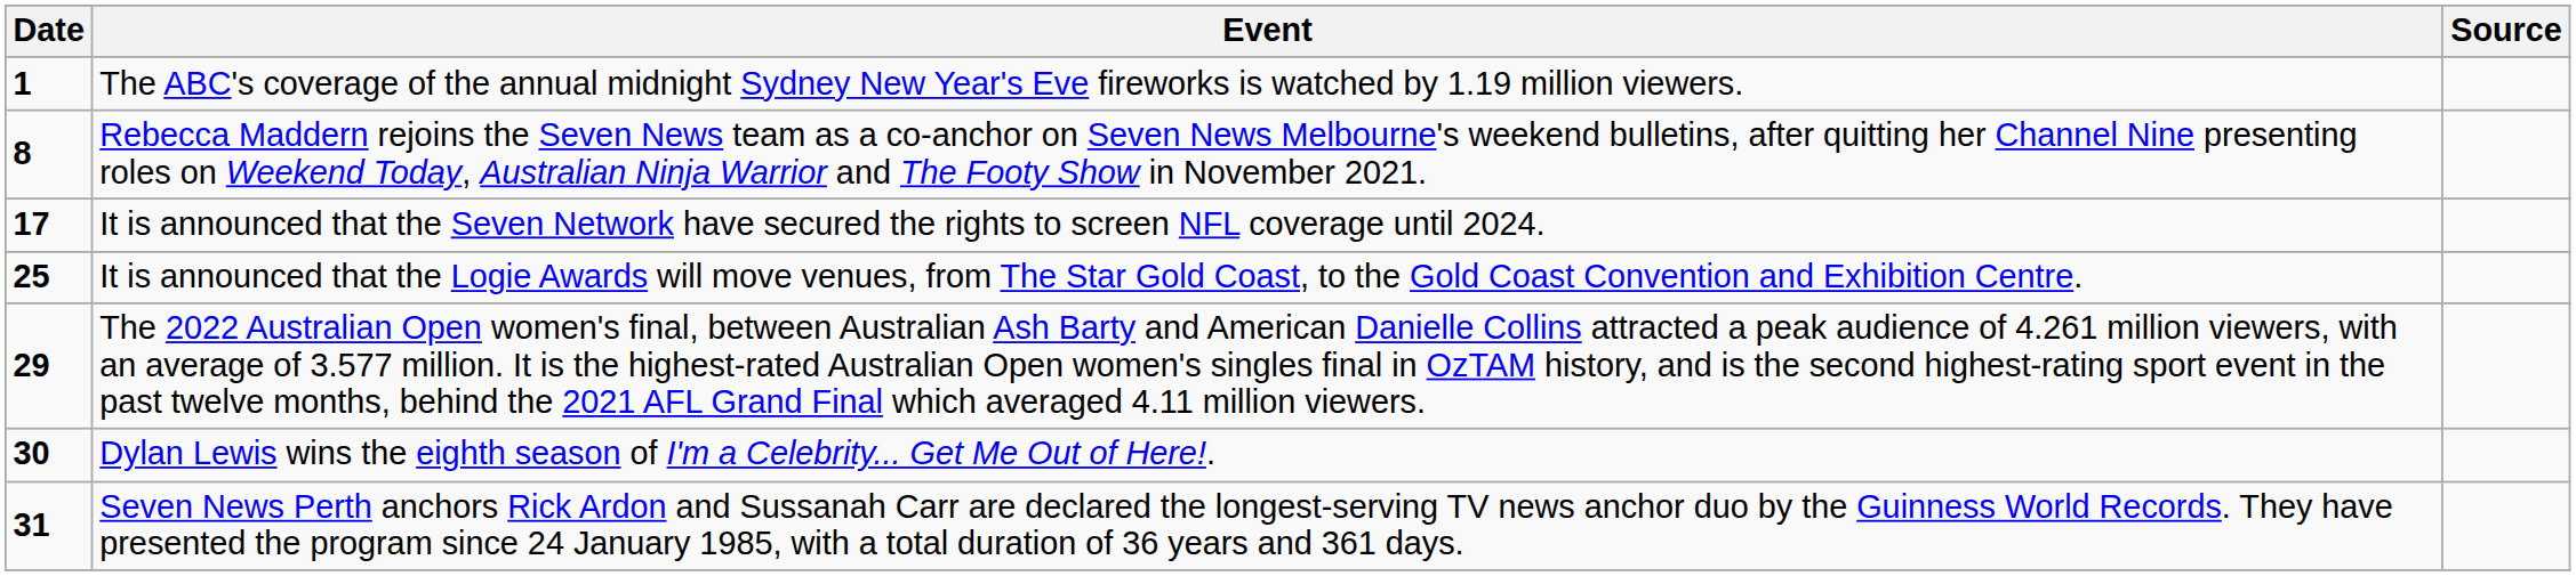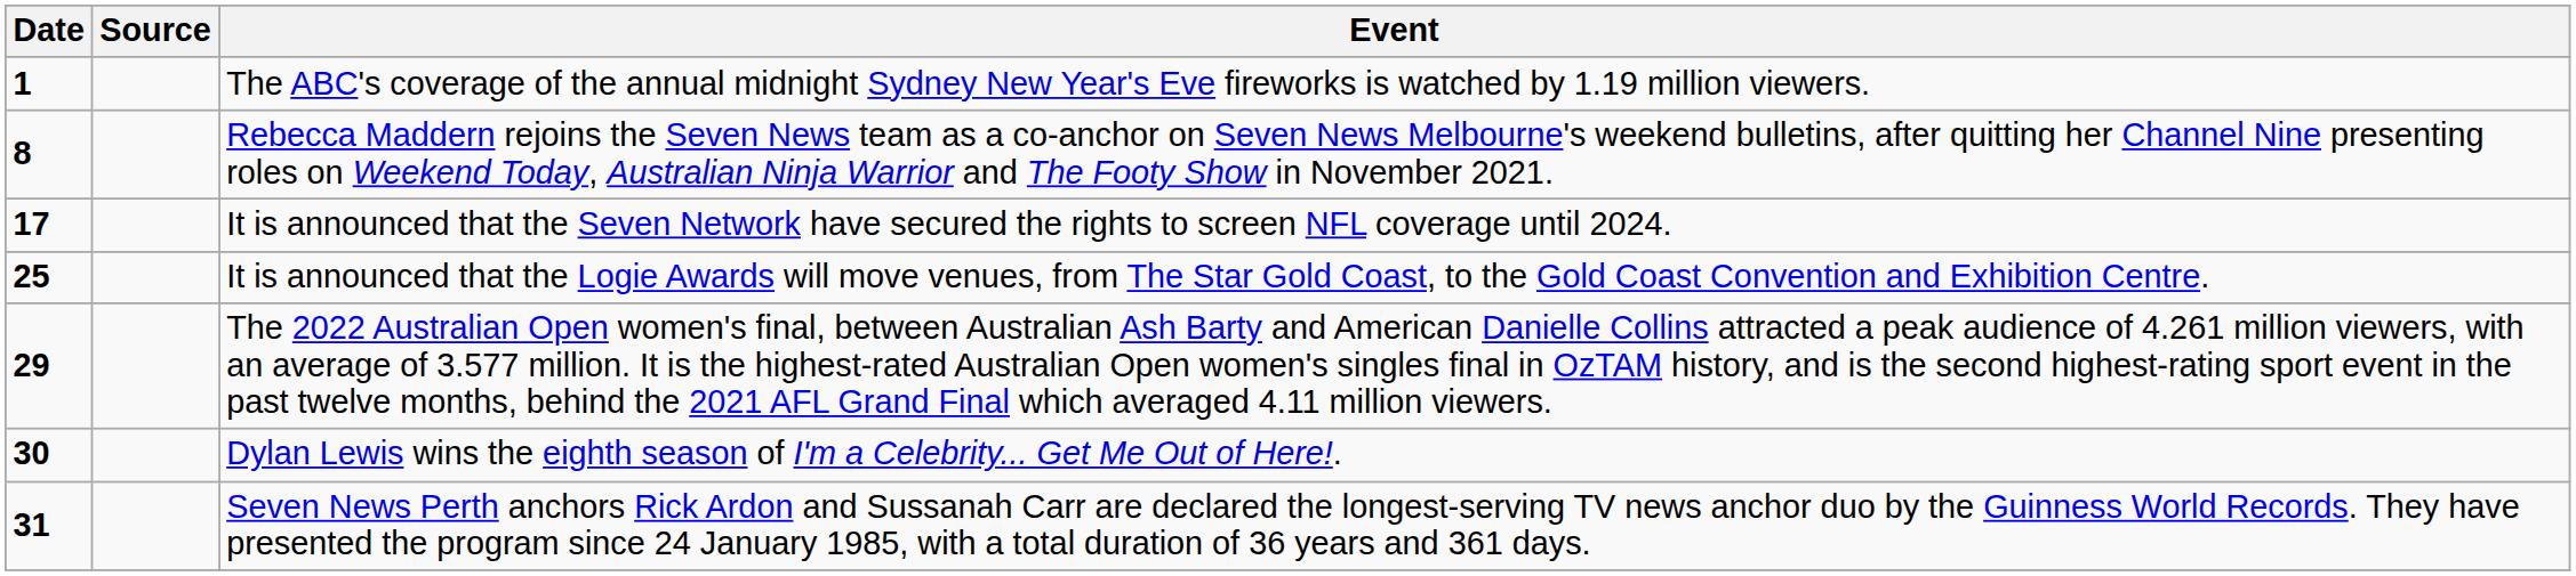 <table class="wikitable">
 <tr>
 <th>Date</th>
+<th>Source</th>
 <th>Event</th>
-<th>Source</th>
 </tr>
 <tr>
 <td><strong>1</strong></td>
+<td></td>
 <td>The <a href='#'>ABC</a>'s coverage of the annual midnight <a href='#'>Sydney New Year's Eve</a> fireworks is watched by 1.19 million viewers.</td>
-<td></td>
 </tr>
 <tr>
 <td><strong>8</strong></td>
+<td></td>
 <td><a href='#'>Rebecca Maddern</a> rejoins the <a href='#'>Seven News</a> team as a co-anchor on <a href='#'>Seven News Melbourne</a>'s weekend bulletins, after quitting her <a href='#'>Channel Nine</a> presenting roles on <em><a href='#'>Weekend Today</a></em>, <em><a href='#'>Australian Ninja Warrior</a></em> and <em><a href='#'>The Footy Show</a></em> in November 2021.</td>
-<td></td>
 </tr>
 <tr>
 <td><strong>17</strong></td>
+<td></td>
 <td>It is announced that the <a href='#'>Seven Network</a> have secured the rights to screen <a href='#'>NFL</a> coverage until 2024.</td>
-<td></td>
 </tr>
 <tr>
 <td><strong>25</strong></td>
+<td></td>
 <td>It is announced that the <a href='#'>Logie Awards</a> will move venues, from <a href='#'>The Star Gold Coast</a>, to the <a href='#'>Gold Coast Convention and Exhibition Centre</a>.</td>
-<td></td>
 </tr>
 <tr>
 <td><strong>29</strong></td>
+<td></td>
 <td>The <a href='#'>2022 Australian Open</a> women's final, between Australian <a href='#'>Ash Barty</a> and American <a href='#'>Danielle Collins</a> attracted a peak audience of 4.261 million viewers, with an average of 3.577 million. It is the highest-rated Australian Open women's singles final in <a href='#'>OzTAM</a> history, and is the second highest-rating sport event in the past twelve months, behind the <a href='#'>2021 AFL Grand Final</a> which averaged 4.11 million viewers.</td>
-<td></td>
 </tr>
 <tr>
 <td><strong>30</strong></td>
+<td></td>
 <td><a href='#'>Dylan Lewis</a> wins the <a href='#'>eighth season</a> of <em><a href='#'>I'm a Celebrity... Get Me Out of Here!</a></em>.</td>
-<td></td>
 </tr>
 <tr>
 <td><strong>31</strong></td>
+<td></td>
 <td><a href='#'>Seven News Perth</a> anchors <a href='#'>Rick Ardon</a> and Sussanah Carr are declared the longest-serving TV news anchor duo by the <a href='#'>Guinness World Records</a>. They have presented the program since 24 January 1985, with a total duration of 36 years and 361 days.</td>
-<td></td>
 </tr>
 </table>
